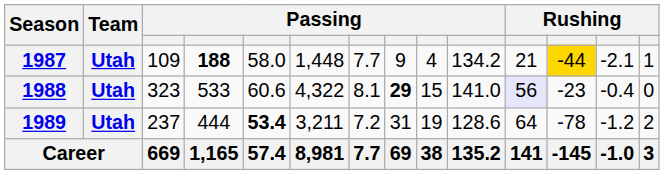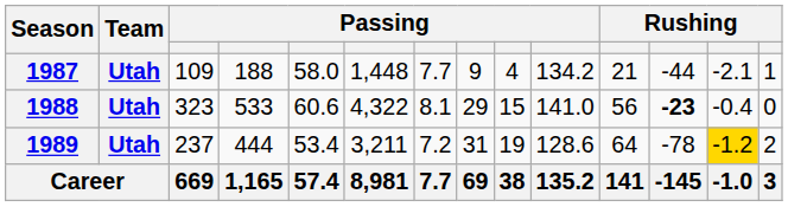 <table class="wikitable" style="text-align:center;">
 <tr>
 <th rowspan="2">Season</th>
 <th rowspan="2">Team</th>
 <th colspan="8">Passing</th>
 <th colspan="4">Rushing</th>
 </tr>
 <tr>
 <th></th>
 <th></th>
 <th></th>
 <th></th>
 <th></th>
 <th></th>
 <th></th>
 <th></th>
 <th></th>
 <th></th>
 <th></th>
 <th></th>
 </tr>
 <tr>
 <th><a href='#'>1987</a></th>
 <th><a href='#'>Utah</a></th>
 <td>109</td>
-<td><strong>188</strong></td>
+<td>188</td>
 <td>58.0</td>
 <td>1,448</td>
 <td>7.7</td>
 <td>9</td>
 <td>4</td>
 <td>134.2</td>
 <td>21</td>
-<td style="background: gold;">-44</td>
+<td>-44</td>
 <td>-2.1</td>
 <td>1</td>
 </tr>
 <tr>
 <th><a href='#'>1988</a></th>
 <th><a href='#'>Utah</a></th>
 <td>323</td>
 <td>533</td>
 <td>60.6</td>
 <td>4,322</td>
 <td>8.1</td>
-<td><strong>29</strong></td>
+<td>29</td>
 <td>15</td>
 <td>141.0</td>
-<td style="background: lavender;">56</td>
-<td>-23</td>
+<td>56</td>
+<td><strong>-23</strong></td>
 <td>-0.4</td>
 <td>0</td>
 </tr>
 <tr>
 <th><a href='#'>1989</a></th>
 <th><a href='#'>Utah</a></th>
 <td>237</td>
 <td>444</td>
-<td><strong>53.4</strong></td>
+<td>53.4</td>
 <td>3,211</td>
 <td>7.2</td>
 <td>31</td>
 <td>19</td>
 <td>128.6</td>
 <td>64</td>
 <td>-78</td>
-<td>-1.2</td>
+<td style="background: gold;">-1.2</td>
 <td>2</td>
 </tr>
 <tr>
 <th colspan="2">Career</th>
 <th>669</th>
 <th>1,165</th>
 <th>57.4</th>
 <th>8,981</th>
 <th>7.7</th>
 <th>69</th>
 <th>38</th>
 <th>135.2</th>
 <th>141</th>
 <th>-145</th>
 <th>-1.0</th>
 <th>3</th>
 </tr>
 </table>
